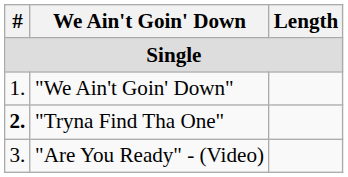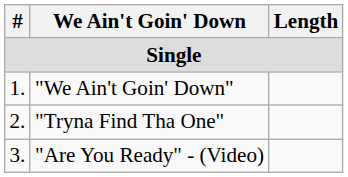 <table class="wikitable">
 <tr>
 <th>#</th>
 <th>We Ain't Goin' Down</th>
 <th>Length</th>
 </tr>
 <tr>
 <td align=center bgcolor=#DDDDDD colspan=3><strong>Single</strong></td>
 </tr>
 <tr>
 <td>1.</td>
 <td>"We Ain't Goin' Down"</td>
 <td></td>
 </tr>
 <tr>
-<td><strong>2.</strong></td>
+<td>2.</td>
 <td>"Tryna Find Tha One"</td>
 <td></td>
 </tr>
 <tr>
 <td>3.</td>
 <td>"Are You Ready" - (Video)</td>
 <td></td>
 </tr>
 </table>
